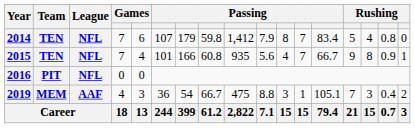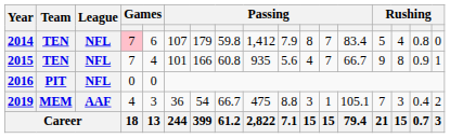 <table class="wikitable" style="text-align:center;">
 <tr>
 <th rowspan="2">Year</th>
 <th rowspan="2">Team</th>
 <th rowspan="2">League</th>
 <th colspan="2">Games</th>
 <th colspan="8">Passing</th>
 <th colspan="4">Rushing</th>
 </tr>
 <tr>
 <th></th>
 <th></th>
 <th></th>
 <th></th>
 <th></th>
 <th></th>
 <th></th>
 <th></th>
 <th></th>
 <th></th>
 <th></th>
 <th></th>
 <th></th>
 <th></th>
 </tr>
 <tr>
 <th><a href='#'>2014</a></th>
 <th><a href='#'>TEN</a></th>
 <th><a href='#'>NFL</a></th>
-<td>7</td>
+<td style="background: pink;">7</td>
 <td>6</td>
 <td>107</td>
 <td>179</td>
 <td>59.8</td>
 <td>1,412</td>
 <td>7.9</td>
 <td>8</td>
 <td>7</td>
 <td>83.4</td>
 <td>5</td>
 <td>4</td>
 <td>0.8</td>
 <td>0</td>
 </tr>
 <tr>
 <th><a href='#'>2015</a></th>
 <th><a href='#'>TEN</a></th>
 <th><a href='#'>NFL</a></th>
 <td>7</td>
 <td>4</td>
 <td>101</td>
 <td>166</td>
 <td>60.8</td>
 <td>935</td>
 <td>5.6</td>
 <td>4</td>
 <td>7</td>
 <td>66.7</td>
 <td>9</td>
 <td>8</td>
 <td>0.9</td>
 <td>1</td>
 </tr>
 <tr>
 <th><a href='#'>2016</a></th>
 <th><a href='#'>PIT</a></th>
 <th><a href='#'>NFL</a></th>
 <td>0</td>
 <td>0</td>
 <td colspan="12"></td>
 </tr>
 <tr>
 <th><a href='#'>2019</a></th>
 <th><a href='#'>MEM</a></th>
 <th><a href='#'>AAF</a></th>
 <td>4</td>
 <td>3</td>
 <td>36</td>
 <td>54</td>
 <td>66.7</td>
 <td>475</td>
 <td>8.8</td>
 <td>3</td>
 <td>1</td>
 <td>105.1</td>
 <td>7</td>
 <td>3</td>
 <td>0.4</td>
 <td>2</td>
 </tr>
 <tr>
 <th colspan="3">Career</th>
 <th>18</th>
 <th>13</th>
 <th>244</th>
 <th>399</th>
 <th>61.2</th>
 <th>2,822</th>
 <th>7.1</th>
 <th>15</th>
 <th>15</th>
 <th>79.4</th>
 <th>21</th>
 <th>15</th>
 <th>0.7</th>
 <th>3</th>
 </tr>
 </table>
